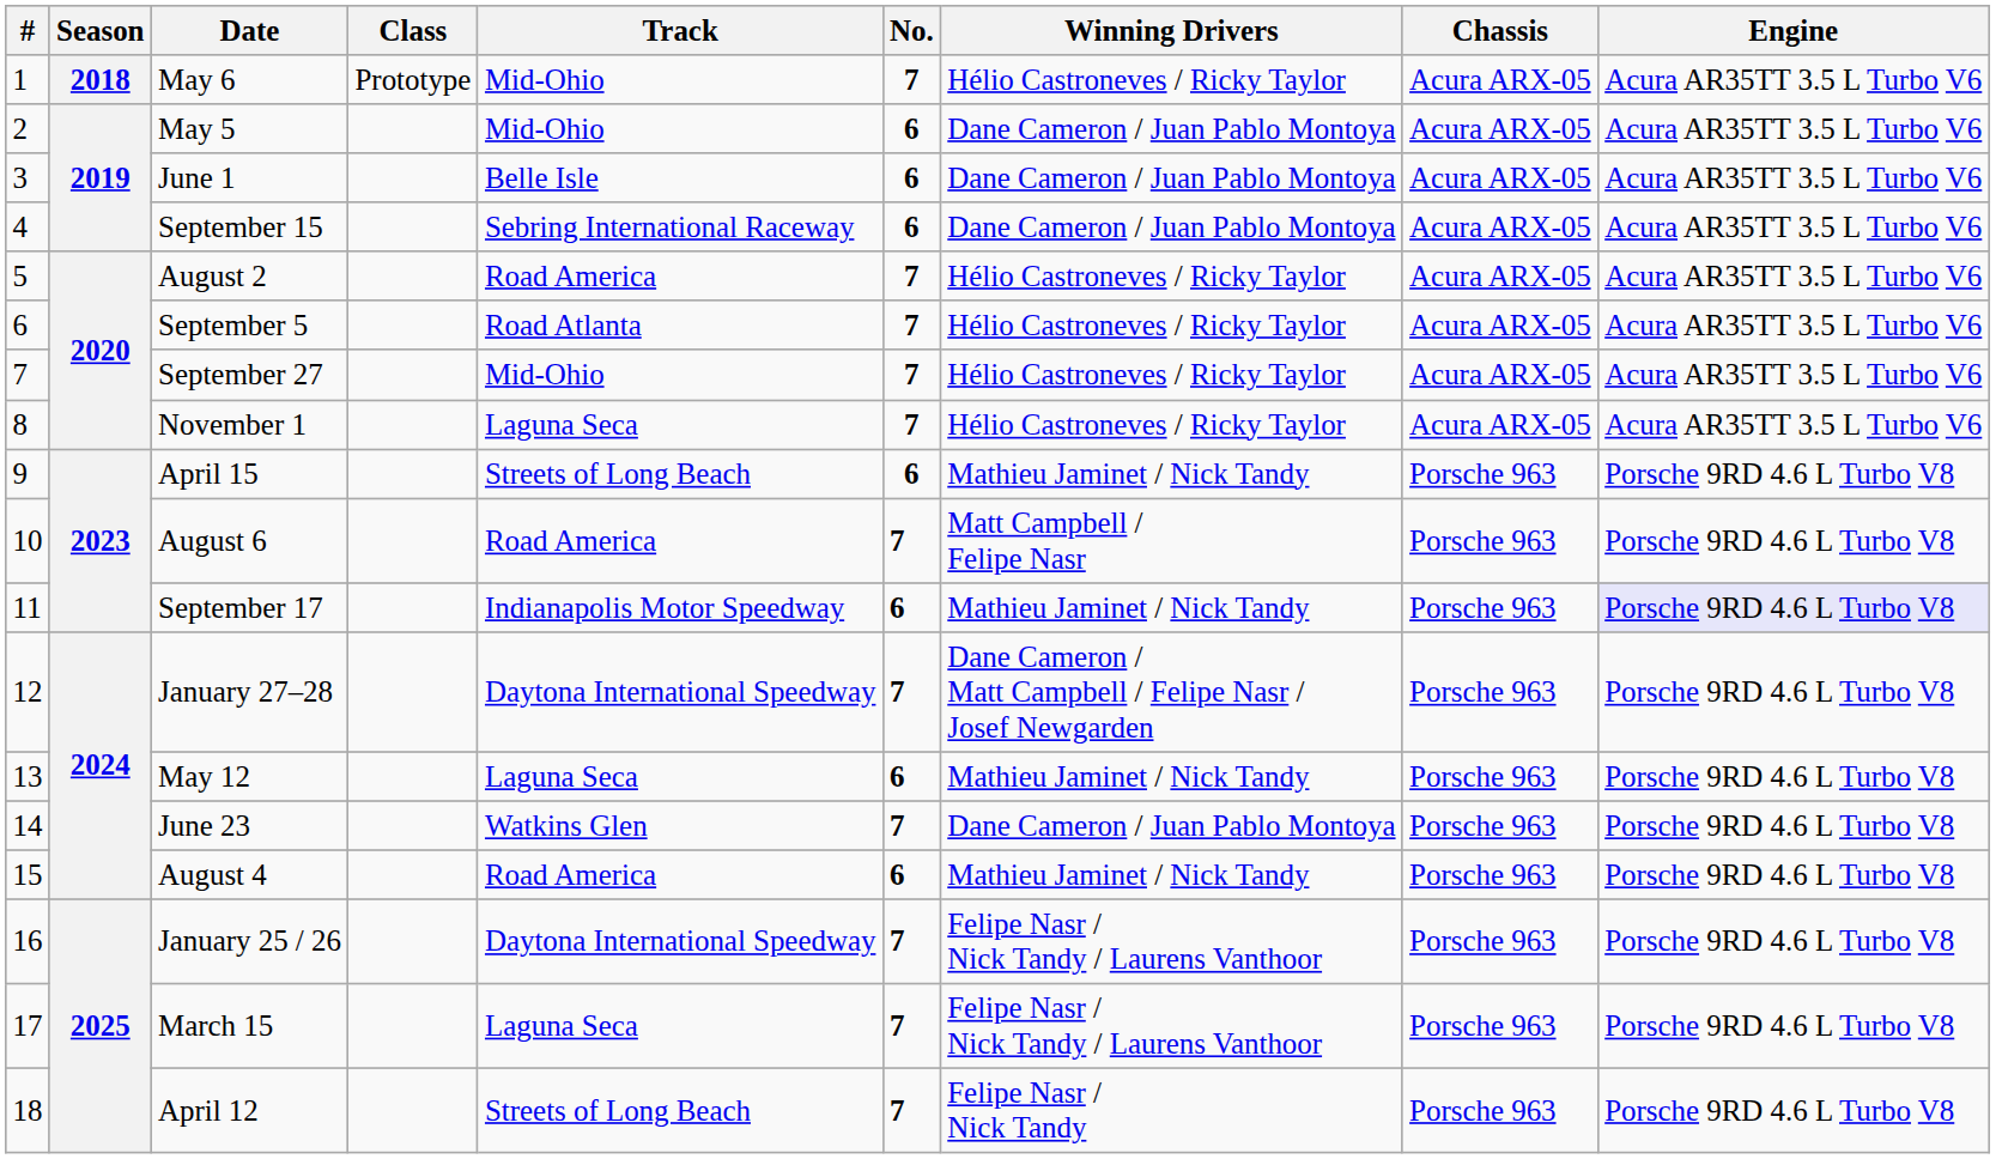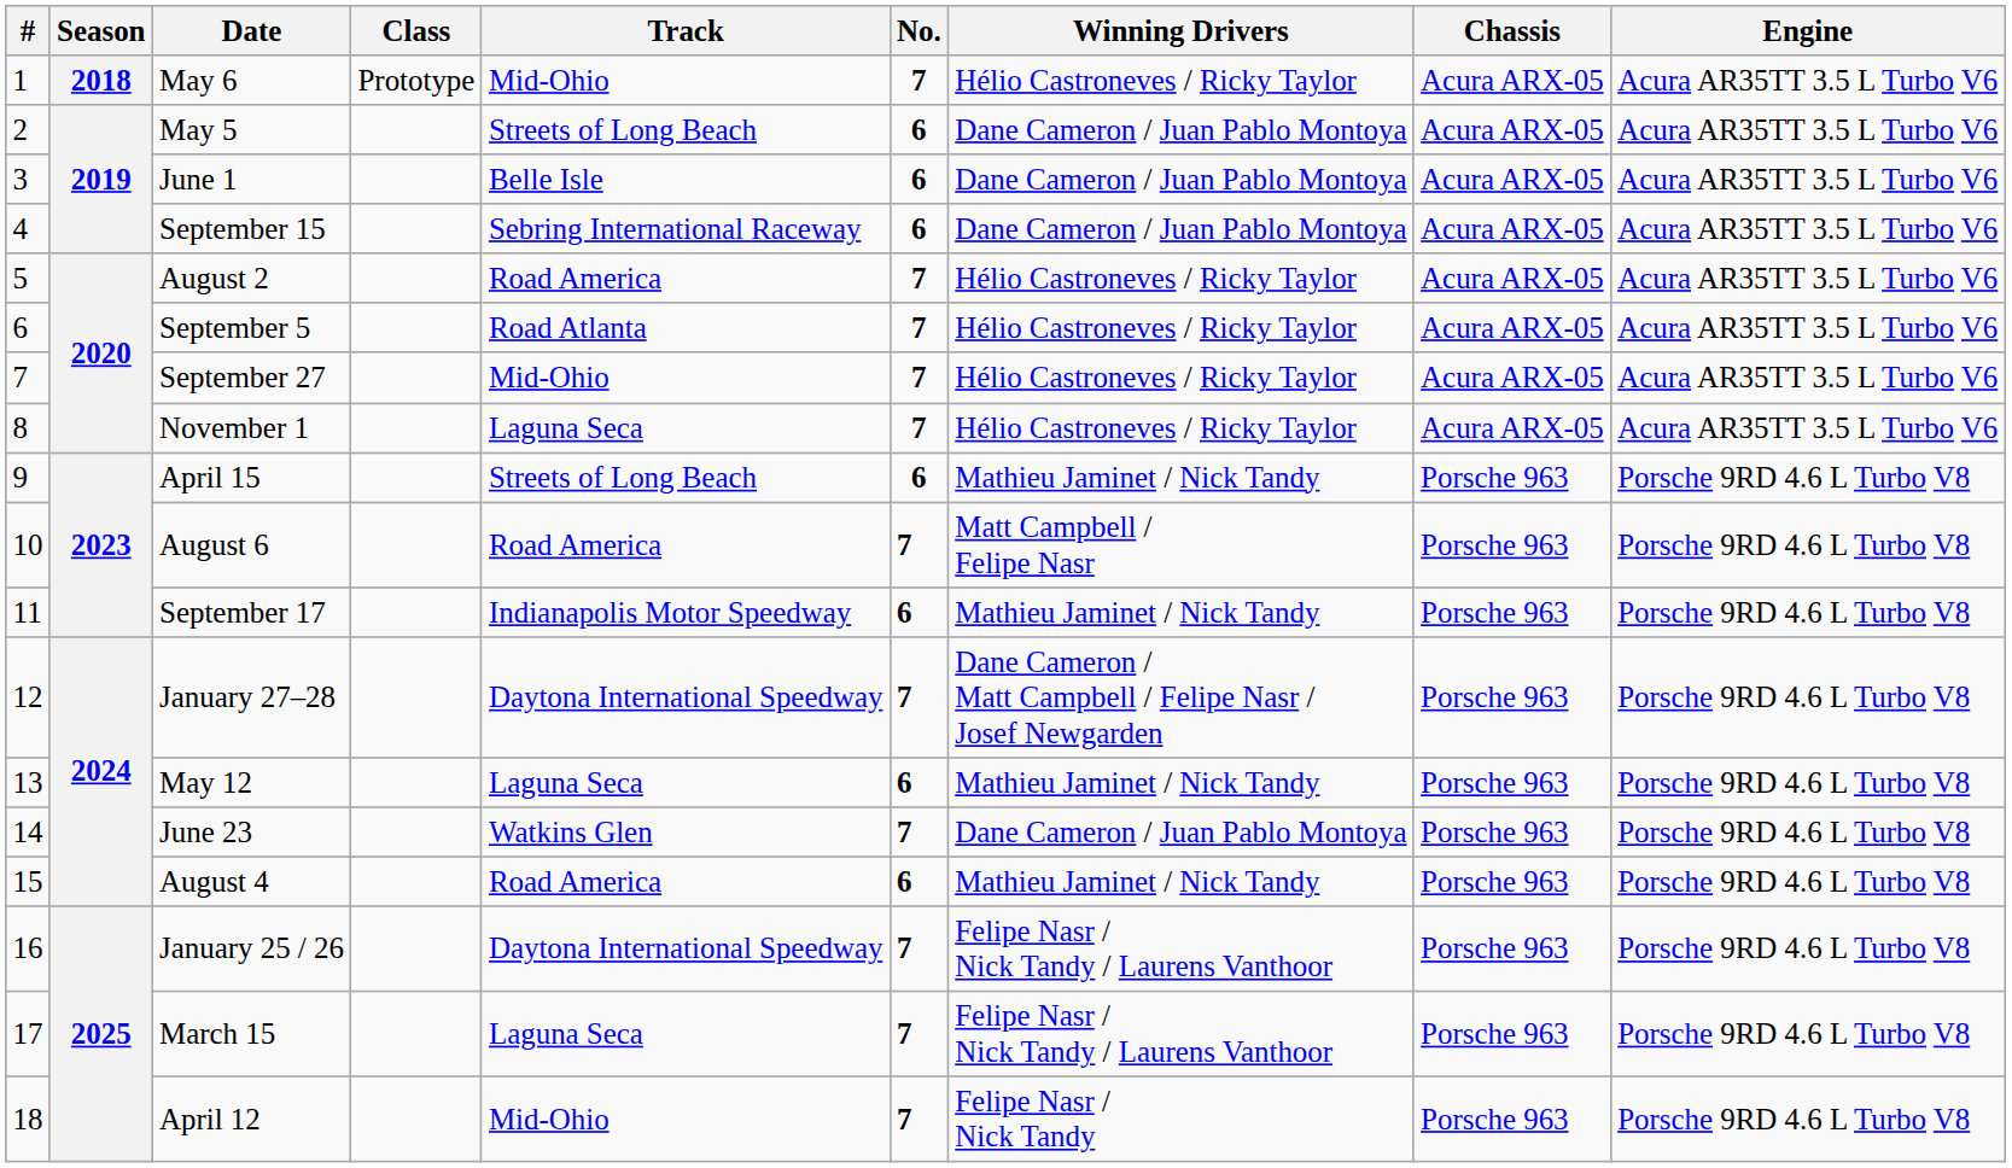 <table class="wikitable" style="font-size:95%;">
 <tr>
 <th>#</th>
 <th>Season</th>
 <th>Date</th>
 <th>Class</th>
 <th>Track</th>
 <th>No.</th>
 <th>Winning Drivers</th>
 <th>Chassis</th>
 <th>Engine</th>
 </tr>
 <tr>
 <td>1</td>
 <th rowspan=1 align=center><a href='#'>2018</a></th>
 <td>May 6</td>
 <td>Prototype</td>
 <td><a href='#'>Mid-Ohio</a></td>
 <td align=center><strong>7</strong></td>
 <td align=left> <a href='#'>Hélio Castroneves</a> /  <a href='#'>Ricky Taylor</a></td>
 <td><a href='#'>Acura ARX-05</a></td>
 <td><a href='#'>Acura</a> AR35TT 3.5 L <a href='#'>Turbo</a> <a href='#'>V6</a></td>
 </tr>
 <tr>
 <td>2</td>
 <th rowspan=3 align=center><a href='#'>2019</a></th>
 <td>May 5</td>
 <td align=center></td>
-<td><a href='#'>Mid-Ohio</a></td>
+<td><a href='#'>Streets of Long Beach</a></td>
 <td align=center><strong>6</strong></td>
 <td align=left> <a href='#'>Dane Cameron</a> /  <a href='#'>Juan Pablo Montoya</a></td>
 <td><a href='#'>Acura ARX-05</a></td>
 <td><a href='#'>Acura</a> AR35TT 3.5 L <a href='#'>Turbo</a> <a href='#'>V6</a></td>
 </tr>
 <tr>
 <td>3</td>
 <td>June 1</td>
 <td align=center></td>
 <td><a href='#'>Belle Isle</a></td>
 <td align=center><strong>6</strong></td>
 <td align=left> <a href='#'>Dane Cameron</a> /  <a href='#'>Juan Pablo Montoya</a></td>
 <td><a href='#'>Acura ARX-05</a></td>
 <td><a href='#'>Acura</a> AR35TT 3.5 L <a href='#'>Turbo</a> <a href='#'>V6</a></td>
 </tr>
 <tr>
 <td>4</td>
 <td>September 15</td>
 <td align=center></td>
 <td><a href='#'>Sebring International Raceway</a></td>
 <td align=center><strong>6</strong></td>
 <td align=left> <a href='#'>Dane Cameron</a> /  <a href='#'>Juan Pablo Montoya</a></td>
 <td><a href='#'>Acura ARX-05</a></td>
 <td><a href='#'>Acura</a> AR35TT 3.5 L <a href='#'>Turbo</a> <a href='#'>V6</a></td>
 </tr>
 <tr>
 <td>5</td>
 <th rowspan=4 align=center><a href='#'>2020</a></th>
 <td>August 2</td>
 <td align=center></td>
 <td><a href='#'>Road America</a></td>
 <td align=center><strong>7</strong></td>
 <td align=left> <a href='#'>Hélio Castroneves</a> /  <a href='#'>Ricky Taylor</a></td>
 <td><a href='#'>Acura ARX-05</a></td>
 <td><a href='#'>Acura</a> AR35TT 3.5 L <a href='#'>Turbo</a> <a href='#'>V6</a></td>
 </tr>
 <tr>
 <td>6</td>
 <td>September 5</td>
 <td align=center></td>
 <td><a href='#'>Road Atlanta</a></td>
 <td align=center><strong>7</strong></td>
 <td align=left> <a href='#'>Hélio Castroneves</a> /  <a href='#'>Ricky Taylor</a></td>
 <td><a href='#'>Acura ARX-05</a></td>
 <td><a href='#'>Acura</a> AR35TT 3.5 L <a href='#'>Turbo</a> <a href='#'>V6</a></td>
 </tr>
 <tr>
 <td>7</td>
 <td>September 27</td>
 <td align=center></td>
 <td><a href='#'>Mid-Ohio</a></td>
 <td align=center><strong>7</strong></td>
 <td align=left> <a href='#'>Hélio Castroneves</a> /  <a href='#'>Ricky Taylor</a></td>
 <td><a href='#'>Acura ARX-05</a></td>
 <td><a href='#'>Acura</a> AR35TT 3.5 L <a href='#'>Turbo</a> <a href='#'>V6</a></td>
 </tr>
 <tr>
 <td>8</td>
 <td>November 1</td>
 <td align=center></td>
 <td><a href='#'>Laguna Seca</a></td>
 <td align=center><strong>7</strong></td>
 <td align=left> <a href='#'>Hélio Castroneves</a> /  <a href='#'>Ricky Taylor</a></td>
 <td><a href='#'>Acura ARX-05</a></td>
 <td><a href='#'>Acura</a> AR35TT 3.5 L <a href='#'>Turbo</a> <a href='#'>V6</a></td>
 </tr>
 <tr>
 <td>9</td>
 <th rowspan="3"><a href='#'>2023</a></th>
 <td>April 15</td>
 <td align=center></td>
 <td><a href='#'>Streets of Long Beach</a></td>
 <td align=center><strong>6</strong></td>
 <td align=left> <a href='#'>Mathieu Jaminet</a> /  <a href='#'>Nick Tandy</a></td>
 <td><a href='#'>Porsche 963</a></td>
 <td><a href='#'>Porsche</a> 9RD 4.6 L <a href='#'>Turbo</a> <a href='#'>V8</a></td>
 </tr>
 <tr>
 <td>10</td>
 <td>August 6</td>
 <td></td>
 <td><a href='#'>Road America</a></td>
 <td><strong>7</strong></td>
 <td> <a href='#'>Matt Campbell</a> /<br> <a href='#'>Felipe Nasr</a></td>
 <td><a href='#'>Porsche 963</a></td>
 <td><a href='#'>Porsche</a> 9RD 4.6 L <a href='#'>Turbo</a> <a href='#'>V8</a></td>
 </tr>
 <tr>
 <td>11</td>
 <td>September 17</td>
 <td></td>
 <td><a href='#'>Indianapolis Motor Speedway</a></td>
 <td><strong>6</strong></td>
 <td> <a href='#'>Mathieu Jaminet</a> /  <a href='#'>Nick Tandy</a></td>
 <td><a href='#'>Porsche 963</a></td>
-<td style="background: lavender;"><a href='#'>Porsche</a> 9RD 4.6 L <a href='#'>Turbo</a> <a href='#'>V8</a></td>
+<td><a href='#'>Porsche</a> 9RD 4.6 L <a href='#'>Turbo</a> <a href='#'>V8</a></td>
 </tr>
 <tr>
 <td>12</td>
 <th rowspan="4"><a href='#'>2024</a></th>
 <td>January 27–28</td>
 <td></td>
 <td><a href='#'>Daytona International Speedway</a></td>
 <td><strong>7</strong></td>
 <td> <a href='#'>Dane Cameron</a> /<br> <a href='#'>Matt Campbell</a> /  <a href='#'>Felipe Nasr</a> /<br> <a href='#'>Josef Newgarden</a></td>
 <td><a href='#'>Porsche 963</a></td>
 <td><a href='#'>Porsche</a> 9RD 4.6 L <a href='#'>Turbo</a> <a href='#'>V8</a></td>
 </tr>
 <tr>
 <td>13</td>
 <td>May 12</td>
 <td></td>
 <td><a href='#'>Laguna Seca</a></td>
 <td><strong>6</strong></td>
 <td> <a href='#'>Mathieu Jaminet</a> /  <a href='#'>Nick Tandy</a></td>
 <td><a href='#'>Porsche 963</a></td>
 <td><a href='#'>Porsche</a> 9RD 4.6 L <a href='#'>Turbo</a> <a href='#'>V8</a></td>
 </tr>
 <tr>
 <td>14</td>
 <td>June 23</td>
 <td></td>
 <td><a href='#'>Watkins Glen</a></td>
 <td><strong>7</strong></td>
 <td align=left> <a href='#'>Dane Cameron</a> /  <a href='#'>Juan Pablo Montoya</a></td>
 <td><a href='#'>Porsche 963</a></td>
 <td><a href='#'>Porsche</a> 9RD 4.6 L <a href='#'>Turbo</a> <a href='#'>V8</a></td>
 </tr>
 <tr>
 <td>15</td>
 <td>August 4</td>
 <td></td>
 <td><a href='#'>Road America</a></td>
 <td><strong>6</strong></td>
 <td> <a href='#'>Mathieu Jaminet</a> /  <a href='#'>Nick Tandy</a></td>
 <td><a href='#'>Porsche 963</a></td>
 <td><a href='#'>Porsche</a> 9RD 4.6 L <a href='#'>Turbo</a> <a href='#'>V8</a></td>
 </tr>
 <tr>
 <td>16</td>
 <th rowspan="3"><a href='#'>2025</a></th>
 <td>January 25 / 26</td>
 <td></td>
 <td><a href='#'>Daytona International Speedway</a></td>
 <td><strong>7</strong></td>
 <td> <a href='#'>Felipe Nasr</a> /<br> <a href='#'>Nick Tandy</a> /  <a href='#'>Laurens Vanthoor</a></td>
 <td><a href='#'>Porsche 963</a></td>
 <td><a href='#'>Porsche</a> 9RD 4.6 L <a href='#'>Turbo</a> <a href='#'>V8</a></td>
 </tr>
 <tr>
 <td>17</td>
 <td>March 15</td>
 <td></td>
 <td><a href='#'>Laguna Seca</a></td>
 <td><strong>7</strong></td>
 <td> <a href='#'>Felipe Nasr</a> /<br> <a href='#'>Nick Tandy</a> /  <a href='#'>Laurens Vanthoor</a></td>
 <td><a href='#'>Porsche 963</a></td>
 <td><a href='#'>Porsche</a> 9RD 4.6 L <a href='#'>Turbo</a> <a href='#'>V8</a></td>
 </tr>
 <tr>
 <td>18</td>
 <td>April 12</td>
 <td></td>
-<td><a href='#'>Streets of Long Beach</a></td>
+<td><a href='#'>Mid-Ohio</a></td>
 <td><strong>7</strong></td>
 <td> <a href='#'>Felipe Nasr</a> /<br> <a href='#'>Nick Tandy</a></td>
 <td><a href='#'>Porsche 963</a></td>
 <td><a href='#'>Porsche</a> 9RD 4.6 L <a href='#'>Turbo</a> <a href='#'>V8</a></td>
 </tr>
 </table>
